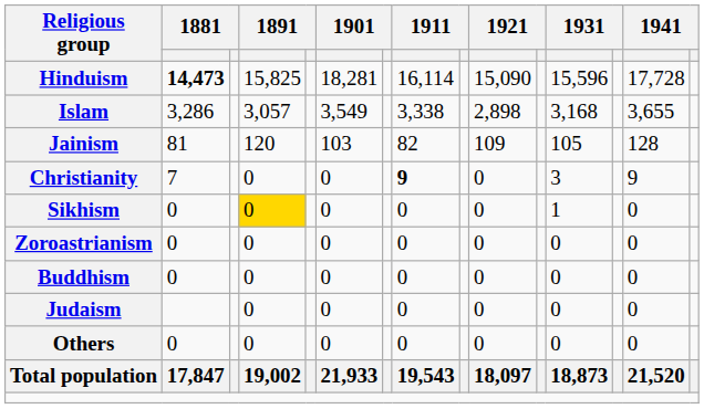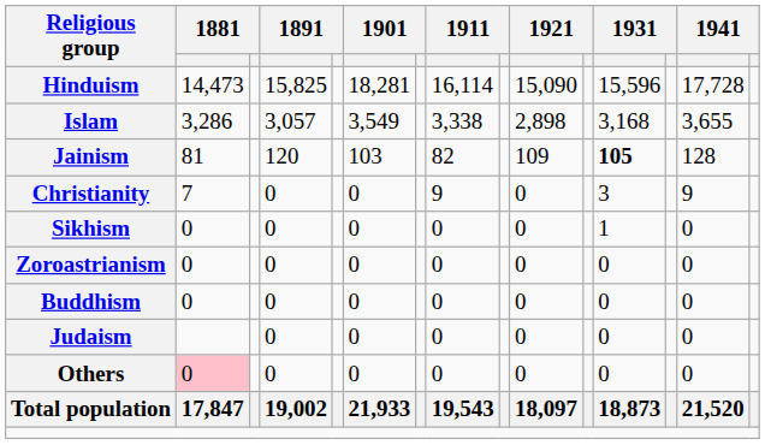 <table class="wikitable sortable">
 <tr>
 <th rowspan="2"><a href='#'>Religious</a><br>group</th>
 <th colspan="2">1881</th>
 <th colspan="2">1891</th>
 <th colspan="2">1901</th>
 <th colspan="2">1911</th>
 <th colspan="2">1921</th>
 <th colspan="2">1931</th>
 <th colspan="2">1941</th>
 </tr>
 <tr>
 <th><a href='#'></a></th>
 <th></th>
 <th></th>
 <th></th>
 <th></th>
 <th></th>
 <th></th>
 <th></th>
 <th></th>
 <th></th>
 <th></th>
 <th></th>
 <th></th>
 <th></th>
 </tr>
 <tr>
 <th><a href='#'>Hinduism</a> </th>
-<td><strong>14,473</strong></td>
+<td>14,473</td>
 <td></td>
 <td>15,825</td>
 <td></td>
 <td>18,281</td>
 <td></td>
 <td>16,114</td>
 <td></td>
 <td>15,090</td>
 <td></td>
 <td>15,596</td>
 <td></td>
 <td>17,728</td>
 <td></td>
 </tr>
 <tr>
 <th><a href='#'>Islam</a> </th>
 <td>3,286</td>
 <td></td>
 <td>3,057</td>
 <td></td>
 <td>3,549</td>
 <td></td>
 <td>3,338</td>
 <td></td>
 <td>2,898</td>
 <td></td>
 <td>3,168</td>
 <td></td>
 <td>3,655</td>
 <td></td>
 </tr>
 <tr>
 <th><a href='#'>Jainism</a> </th>
 <td>81</td>
 <td></td>
 <td>120</td>
 <td></td>
 <td>103</td>
 <td></td>
 <td>82</td>
 <td></td>
 <td>109</td>
 <td></td>
-<td>105</td>
+<td><strong>105</strong></td>
 <td></td>
 <td>128</td>
 <td></td>
 </tr>
 <tr>
 <th><a href='#'>Christianity</a> </th>
 <td>7</td>
 <td></td>
 <td>0</td>
 <td></td>
 <td>0</td>
 <td></td>
-<td><strong>9</strong></td>
+<td>9</td>
 <td></td>
 <td>0</td>
 <td></td>
 <td>3</td>
 <td></td>
 <td>9</td>
 <td></td>
 </tr>
 <tr>
 <th><a href='#'>Sikhism</a> </th>
 <td>0</td>
 <td></td>
-<td style="background: gold;">0</td>
+<td>0</td>
 <td></td>
 <td>0</td>
 <td></td>
 <td>0</td>
 <td></td>
 <td>0</td>
 <td></td>
 <td>1</td>
 <td></td>
 <td>0</td>
 <td></td>
 </tr>
 <tr>
 <th><a href='#'>Zoroastrianism</a> </th>
 <td>0</td>
 <td></td>
 <td>0</td>
 <td></td>
 <td>0</td>
 <td></td>
 <td>0</td>
 <td></td>
 <td>0</td>
 <td></td>
 <td>0</td>
 <td></td>
 <td>0</td>
 <td></td>
 </tr>
 <tr>
 <th><a href='#'>Buddhism</a> </th>
 <td>0</td>
 <td></td>
 <td>0</td>
 <td></td>
 <td>0</td>
 <td></td>
 <td>0</td>
 <td></td>
 <td>0</td>
 <td></td>
 <td>0</td>
 <td></td>
 <td>0</td>
 <td></td>
 </tr>
 <tr>
 <th><a href='#'>Judaism</a> </th>
 <td></td>
 <td></td>
 <td>0</td>
 <td></td>
 <td>0</td>
 <td></td>
 <td>0</td>
 <td></td>
 <td>0</td>
 <td></td>
 <td>0</td>
 <td></td>
 <td>0</td>
 <td></td>
 </tr>
 <tr>
 <th>Others</th>
-<td>0</td>
+<td style="background: pink;">0</td>
 <td></td>
 <td>0</td>
 <td></td>
 <td>0</td>
 <td></td>
 <td>0</td>
 <td></td>
 <td>0</td>
 <td></td>
 <td>0</td>
 <td></td>
 <td>0</td>
 <td></td>
 </tr>
 <tr>
 <th>Total population</th>
 <th>17,847</th>
 <th></th>
 <th>19,002</th>
 <th></th>
 <th>21,933</th>
 <th></th>
 <th>19,543</th>
 <th></th>
 <th>18,097</th>
 <th></th>
 <th>18,873</th>
 <th></th>
 <th>21,520</th>
 <th></th>
 </tr>
 <tr class="sortbottom">
 <td colspan="15"></td>
 </tr>
 </table>
